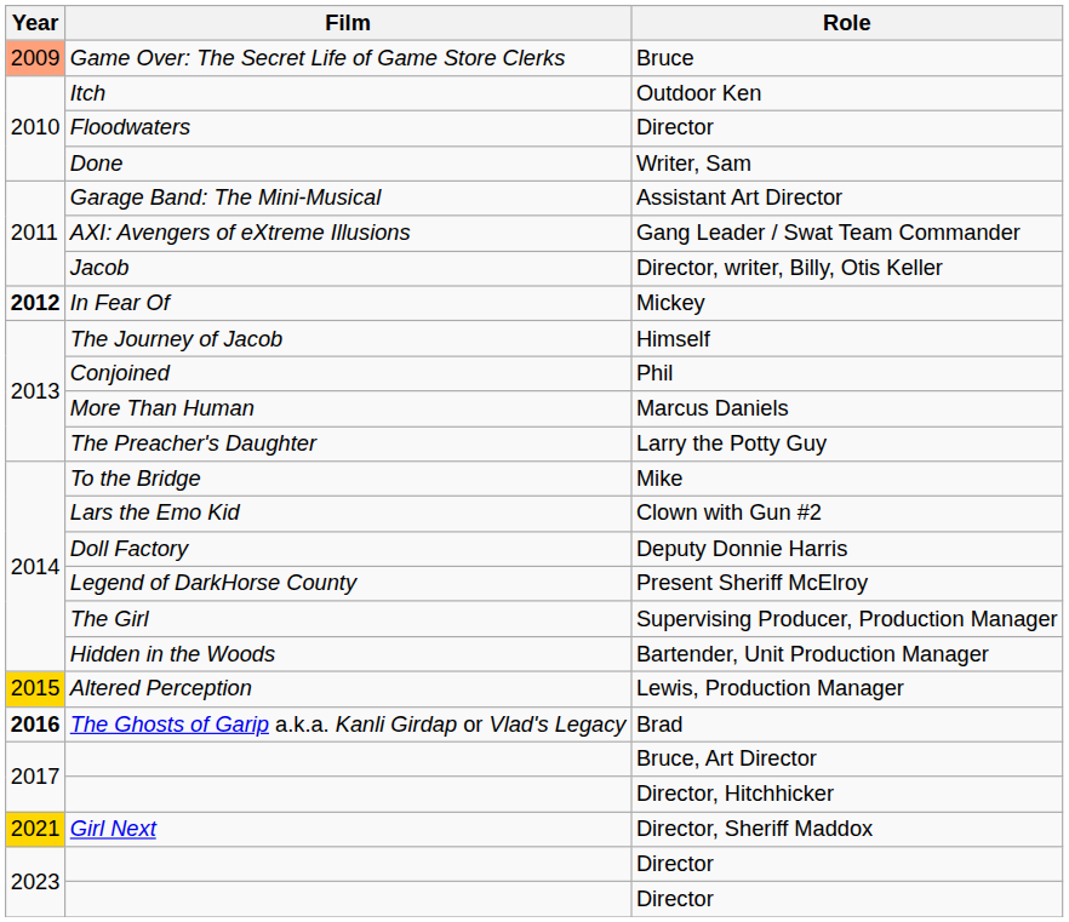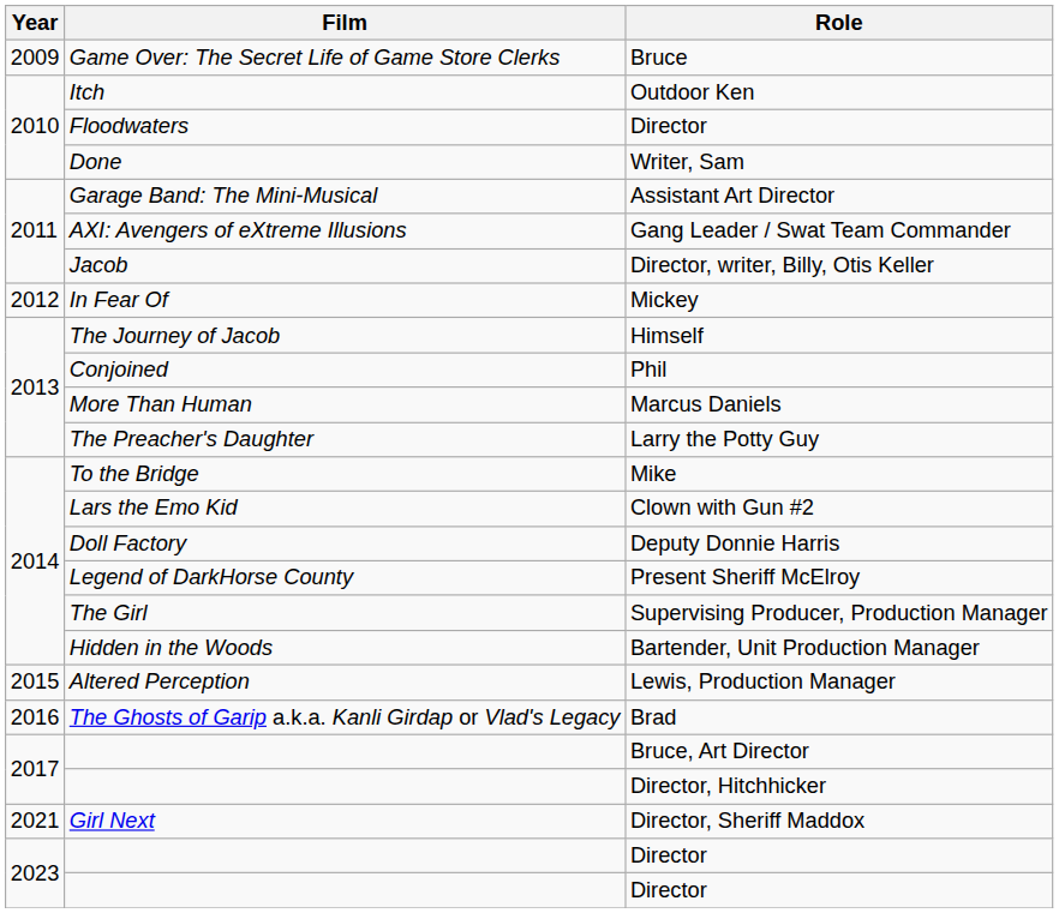 <table class="wikitable">
 <tr>
 <th>Year</th>
 <th>Film</th>
 <th>Role</th>
 </tr>
 <tr>
-<td style="background: lightsalmon;">2009</td>
+<td>2009</td>
 <td><em>Game Over: The Secret Life of Game Store Clerks</em></td>
 <td>Bruce</td>
 </tr>
 <tr>
 <td rowspan="3">2010</td>
 <td><em>Itch</em></td>
 <td>Outdoor Ken</td>
 </tr>
 <tr>
 <td><em>Floodwaters</em></td>
 <td>Director</td>
 </tr>
 <tr>
 <td><em>Done</em></td>
 <td>Writer, Sam</td>
 </tr>
 <tr>
 <td rowspan="3">2011</td>
 <td><em>Garage Band: The Mini-Musical</em></td>
 <td>Assistant Art Director</td>
 </tr>
 <tr>
 <td><em>AXI: Avengers of eXtreme Illusions</em></td>
 <td>Gang Leader / Swat Team Commander</td>
 </tr>
 <tr>
 <td><em>Jacob</em></td>
 <td>Director, writer, Billy, Otis Keller</td>
 </tr>
 <tr>
-<td><strong>2012</strong></td>
+<td>2012</td>
 <td><em>In Fear Of</em></td>
 <td>Mickey</td>
 </tr>
 <tr>
 <td rowspan="4">2013</td>
 <td><em>The Journey of Jacob</em></td>
 <td>Himself</td>
 </tr>
 <tr>
 <td><em>Conjoined</em></td>
 <td>Phil</td>
 </tr>
 <tr>
 <td><em>More Than Human</em></td>
 <td>Marcus Daniels</td>
 </tr>
 <tr>
 <td><em>The Preacher's Daughter</em></td>
 <td>Larry the Potty Guy</td>
 </tr>
 <tr>
 <td rowspan="6">2014</td>
 <td><em>To the Bridge</em></td>
 <td>Mike</td>
 </tr>
 <tr>
 <td><em>Lars the Emo Kid</em></td>
 <td>Clown with Gun #2</td>
 </tr>
 <tr>
 <td><em>Doll Factory</em></td>
 <td>Deputy Donnie Harris</td>
 </tr>
 <tr>
 <td><em>Legend of DarkHorse County</em></td>
 <td>Present Sheriff McElroy</td>
 </tr>
 <tr>
 <td><em>The Girl</em></td>
 <td>Supervising Producer, Production Manager</td>
 </tr>
 <tr>
 <td><em>Hidden in the Woods</em></td>
 <td>Bartender, Unit Production Manager</td>
 </tr>
 <tr>
-<td style="background: gold;">2015</td>
+<td>2015</td>
 <td><em>Altered Perception</em></td>
 <td>Lewis, Production Manager</td>
 </tr>
 <tr>
-<td><strong>2016</strong></td>
+<td>2016</td>
 <td><em><a href='#'>The Ghosts of Garip</a></em> a.k.a. <em>Kanli Girdap</em> or <em>Vlad's Legacy</em></td>
 <td>Brad</td>
 </tr>
 <tr>
 <td rowspan="2">2017</td>
 <td></td>
 <td>Bruce, Art Director</td>
 </tr>
 <tr>
 <td></td>
 <td>Director, Hitchhicker</td>
 </tr>
 <tr>
-<td style="background: gold;">2021</td>
+<td>2021</td>
 <td><em><a href='#'>Girl Next</a></em></td>
 <td>Director, Sheriff Maddox</td>
 </tr>
 <tr>
 <td rowspan="2">2023</td>
 <td></td>
 <td>Director</td>
 </tr>
 <tr>
 <td></td>
 <td>Director</td>
 </tr>
 </table>
